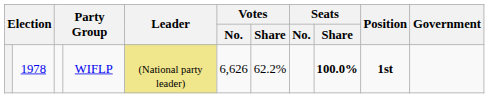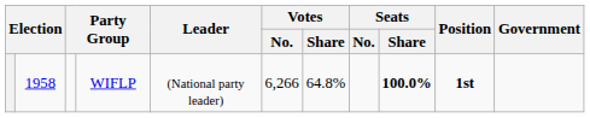 <table class="wikitable" style="text-align:center">
 <tr>
 <th colspan="2" rowspan="2">Election</th>
 <th colspan=3 rowspan=2>Party Group</th>
 <th rowspan=2>Leader</th>
 <th colspan=2>Votes</th>
 <th colspan="2">Seats</th>
 <th rowspan=2>Position</th>
 <th rowspan="2">Government</th>
 </tr>
 <tr>
 <th>No.</th>
 <th>Share</th>
 <th>No.</th>
 <th>Share</th>
 </tr>
 <tr>
 <th style="background-color: "></th>
-<td><a href='#'>1978</a></td>
+<td><a href='#'>1958</a></td>
 <td colspan="2" style="background:"></td>
 <td><a href='#'>WIFLP</a></td>
-<td style="background: khaki;"><br><small>(National party leader)</small></td>
-<td style="text-align:right;">6,626</td>
-<td style="text-align:right;">62.2%</td>
+<td><br><small>(National party leader)</small></td>
+<td style="text-align:right;">6,266</td>
+<td style="text-align:right;">64.8%</td>
 <td></td>
 <td style="text-align:right;"><strong>100.0%</strong></td>
 <td><strong>1st</strong></td>
 <td></td>
 </tr>
 </table>
